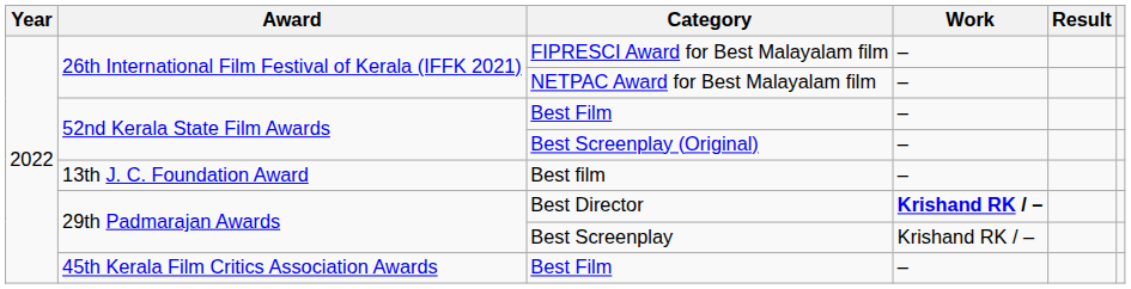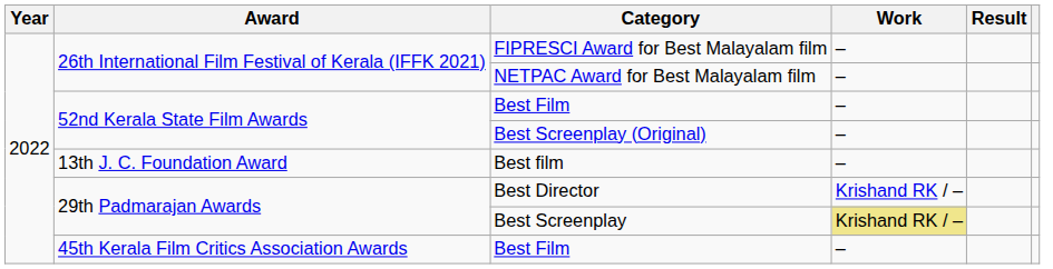 <table class="wikitable sortable">
 <tr>
 <th>Year</th>
 <th>Award</th>
 <th>Category</th>
 <th>Work</th>
 <th class="unsortable">Result</th>
 <th class="unsortable"></th>
 </tr>
 <tr>
 <td rowspan=8>2022</td>
 <td rowspan=2><a href='#'>26th International Film Festival of Kerala (IFFK 2021)</a> </td>
 <td><a href='#'>FIPRESCI Award</a> for Best Malayalam film</td>
 <td>–</td>
 <td></td>
 <td></td>
 </tr>
 <tr>
 <td><a href='#'>NETPAC Award</a> for Best Malayalam film</td>
 <td>–</td>
 <td></td>
 <td></td>
 </tr>
 <tr>
 <td rowspan=2><a href='#'>52nd Kerala State Film Awards</a> </td>
 <td><a href='#'>Best Film</a></td>
 <td>–</td>
 <td></td>
 <td></td>
 </tr>
 <tr>
 <td><a href='#'>Best Screenplay (Original)</a></td>
 <td>–</td>
 <td></td>
 <td></td>
 </tr>
 <tr>
 <td>13th <a href='#'>J. C. Foundation Award</a> </td>
 <td>Best film</td>
 <td>–</td>
 <td></td>
 <td></td>
 </tr>
 <tr>
 <td rowspan=2>29th <a href='#'>Padmarajan Awards</a> </td>
 <td>Best Director</td>
-<td><strong><a href='#'>Krishand RK</a> / – </strong></td>
+<td><a href='#'>Krishand RK</a> / – </td>
 <td></td>
 <td></td>
 </tr>
 <tr>
 <td>Best Screenplay</td>
-<td>Krishand RK / –</td>
+<td style="background: khaki;">Krishand RK / –</td>
 <td></td>
 <td></td>
 </tr>
 <tr>
 <td rowspan=2><a href='#'>45th Kerala Film Critics Association Awards</a> </td>
 <td><a href='#'>Best Film</a></td>
 <td>–</td>
 <td></td>
 <td></td>
 </tr>
 </table>
